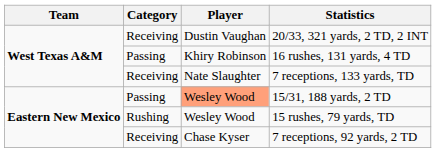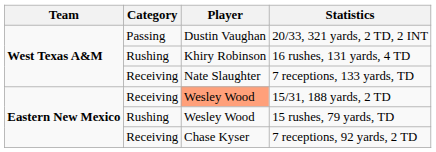 <table class="wikitable" style="float: left;">
 <tr>
 <th>Team</th>
 <th>Category</th>
 <th>Player</th>
 <th>Statistics</th>
 </tr>
 <tr>
 <td rowspan=3><strong>West Texas A&M</strong></td>
-<td>Receiving</td>
+<td>Passing</td>
 <td>Dustin Vaughan</td>
 <td>20/33, 321 yards, 2 TD, 2 INT</td>
 </tr>
 <tr>
-<td>Passing</td>
+<td>Rushing</td>
 <td>Khiry Robinson</td>
 <td>16 rushes, 131 yards, 4 TD</td>
 </tr>
 <tr>
 <td>Receiving</td>
 <td>Nate Slaughter</td>
 <td>7 receptions, 133 yards, TD</td>
 </tr>
 <tr>
 <td rowspan=3><strong>Eastern New Mexico</strong></td>
-<td>Passing</td>
+<td>Receiving</td>
 <td style="background: lightsalmon;">Wesley Wood</td>
 <td>15/31, 188 yards, 2 TD</td>
 </tr>
 <tr>
 <td>Rushing</td>
 <td>Wesley Wood</td>
 <td>15 rushes, 79 yards, TD</td>
 </tr>
 <tr>
 <td>Receiving</td>
 <td>Chase Kyser</td>
 <td>7 receptions, 92 yards, 2 TD</td>
 </tr>
 </table>
